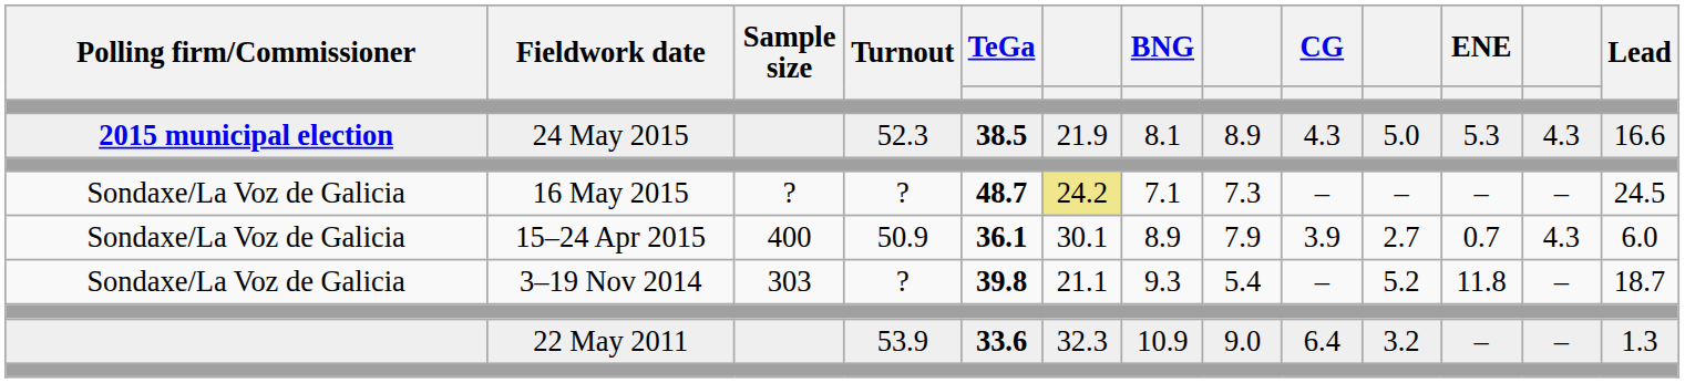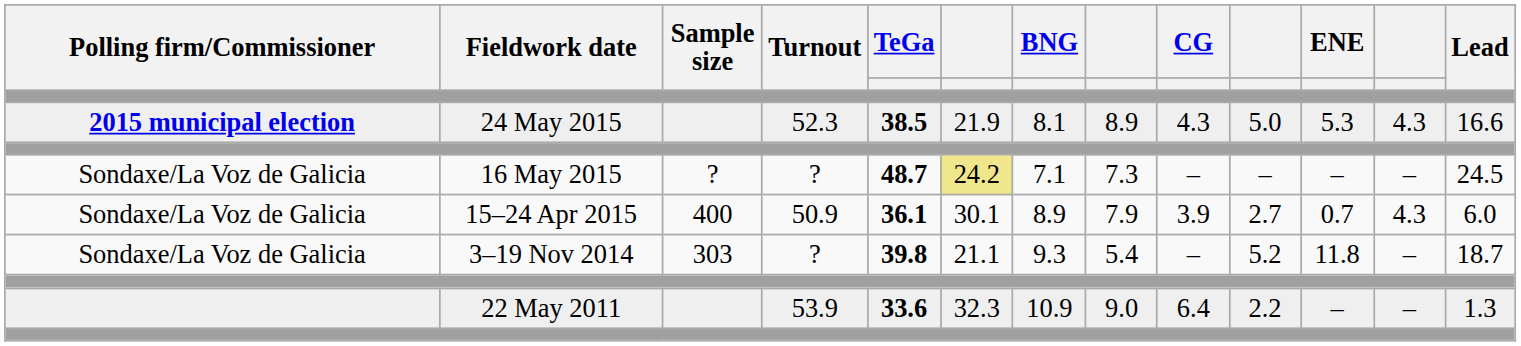 <table class="wikitable collapsible collapsed" style="text-align:center; font-size:95%; line-height:16px;">
 <tr style="height:42px;">
 <th style="width:250px;" rowspan="2">Polling firm/Commissioner</th>
 <th style="width:125px;" rowspan="2">Fieldwork date</th>
 <th style="width:50px;" rowspan="2">Sample size</th>
 <th style="width:45px;" rowspan="2">Turnout</th>
 <th style="width:35px;"><a href='#'>TeGa</a></th>
 <th style="width:35px;"></th>
 <th style="width:35px;"><a href='#'>BNG</a></th>
 <th style="width:35px;"></th>
 <th style="width:35px;"><a href='#'>CG</a></th>
 <th style="width:35px;"></th>
 <th style="width:35px;">ENE</th>
 <th style="width:35px;"></th>
 <th style="width:30px;" rowspan="2">Lead</th>
 </tr>
 <tr>
 <th style="color:inherit;background:"></th>
 <th style="color:inherit;background:"></th>
 <th style="color:inherit;background:"></th>
 <th style="color:inherit;background:"></th>
 <th style="color:inherit;background:"></th>
 <th style="color:inherit;background:"></th>
 <th style="color:inherit;background:"></th>
 <th style="color:inherit;background:"></th>
 </tr>
 <tr>
 <td colspan="13" style="background:#A0A0A0"></td>
 </tr>
 <tr style="background:#EFEFEF;">
 <td><strong><a href='#'>2015 municipal election</a></strong></td>
 <td>24 May 2015</td>
 <td></td>
 <td>52.3</td>
 <td><strong>38.5</strong><br></td>
 <td>21.9<br></td>
 <td>8.1<br></td>
 <td>8.9<br></td>
 <td>4.3<br></td>
 <td>5.0<br></td>
 <td>5.3<br></td>
 <td>4.3<br></td>
 <td style="background:">16.6</td>
 </tr>
 <tr>
 <td colspan="13" style="background:#A0A0A0"></td>
 </tr>
 <tr>
 <td>Sondaxe/La Voz de Galicia</td>
 <td>16 May 2015</td>
 <td>?</td>
 <td>?</td>
 <td><strong>48.7</strong><br></td>
 <td style="background: khaki;">24.2<br></td>
 <td>7.1<br></td>
 <td>7.3<br></td>
 <td>–</td>
 <td>–</td>
 <td>–</td>
 <td>–</td>
 <td style="background:">24.5</td>
 </tr>
 <tr>
 <td>Sondaxe/La Voz de Galicia</td>
 <td>15–24 Apr 2015</td>
 <td>400</td>
 <td>50.9</td>
 <td><strong>36.1</strong><br></td>
 <td>30.1<br></td>
 <td>8.9<br></td>
 <td>7.9<br></td>
 <td>3.9<br></td>
 <td>2.7<br></td>
 <td>0.7<br></td>
 <td>4.3<br></td>
 <td style="background:">6.0</td>
 </tr>
 <tr>
 <td>Sondaxe/La Voz de Galicia</td>
 <td>3–19 Nov 2014</td>
 <td>303</td>
 <td>?</td>
 <td><strong>39.8</strong><br></td>
 <td>21.1<br></td>
 <td>9.3<br></td>
 <td>5.4<br></td>
 <td>–</td>
 <td>5.2<br></td>
 <td>11.8<br></td>
 <td>–</td>
 <td style="background:">18.7</td>
 </tr>
 <tr>
 <td colspan="13" style="background:#A0A0A0"></td>
 </tr>
 <tr style="background:#EFEFEF;">
 <td><strong></strong></td>
 <td>22 May 2011</td>
 <td></td>
 <td>53.9</td>
 <td><strong>33.6</strong><br></td>
 <td>32.3<br></td>
 <td>10.9<br></td>
 <td>9.0<br></td>
 <td>6.4<br></td>
-<td>3.2<br></td>
+<td>2.2<br></td>
 <td>–</td>
 <td>–</td>
 <td style="background:">1.3</td>
 </tr>
 <tr>
 <td colspan="13" style="background:#A0A0A0"></td>
 </tr>
 </table>
